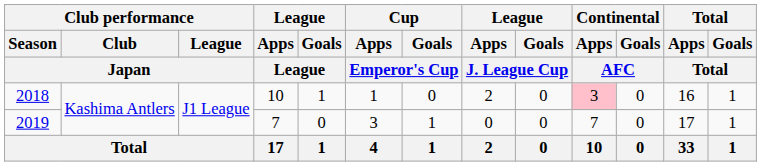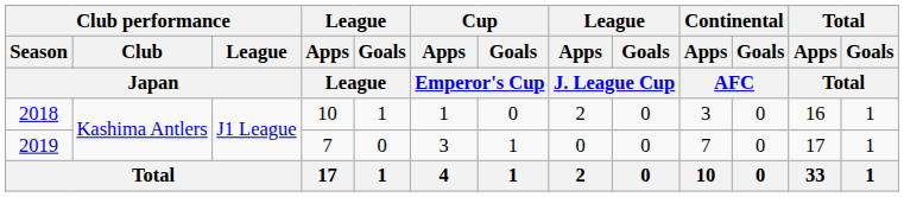 <table class="wikitable" style="text-align:center;">
 <tr>
 <th colspan=3>Club performance</th>
 <th colspan=2>League</th>
 <th colspan=2>Cup</th>
 <th colspan=2>League</th>
 <th colspan=2>Continental</th>
 <th colspan=2>Total</th>
 </tr>
 <tr>
 <th>Season</th>
 <th>Club</th>
 <th>League</th>
 <th>Apps</th>
 <th>Goals</th>
 <th>Apps</th>
 <th>Goals</th>
 <th>Apps</th>
 <th>Goals</th>
 <th>Apps</th>
 <th>Goals</th>
 <th>Apps</th>
 <th>Goals</th>
 </tr>
 <tr>
 <th colspan=3>Japan</th>
 <th colspan=2>League</th>
 <th colspan=2><a href='#'>Emperor's Cup</a></th>
 <th colspan=2><a href='#'>J. League Cup</a></th>
 <th colspan=2><a href='#'>AFC</a></th>
 <th colspan=2>Total</th>
 </tr>
 <tr>
 <td><a href='#'>2018</a></td>
 <td rowspan="2"><a href='#'>Kashima Antlers</a></td>
 <td rowspan="2"><a href='#'>J1 League</a></td>
 <td>10</td>
 <td>1</td>
 <td>1</td>
 <td>0</td>
 <td>2</td>
 <td>0</td>
-<td style="background: pink;">3</td>
+<td>3</td>
 <td>0</td>
 <td>16</td>
 <td>1</td>
 </tr>
 <tr>
 <td><a href='#'>2019</a></td>
 <td>7</td>
 <td>0</td>
 <td>3</td>
 <td>1</td>
 <td>0</td>
 <td>0</td>
 <td>7</td>
 <td>0</td>
 <td>17</td>
 <td>1</td>
 </tr>
 <tr>
 <th colspan=3>Total</th>
 <th>17</th>
 <th>1</th>
 <th>4</th>
 <th>1</th>
 <th>2</th>
 <th>0</th>
 <th>10</th>
 <th>0</th>
 <th>33</th>
 <th>1</th>
 </tr>
 </table>
